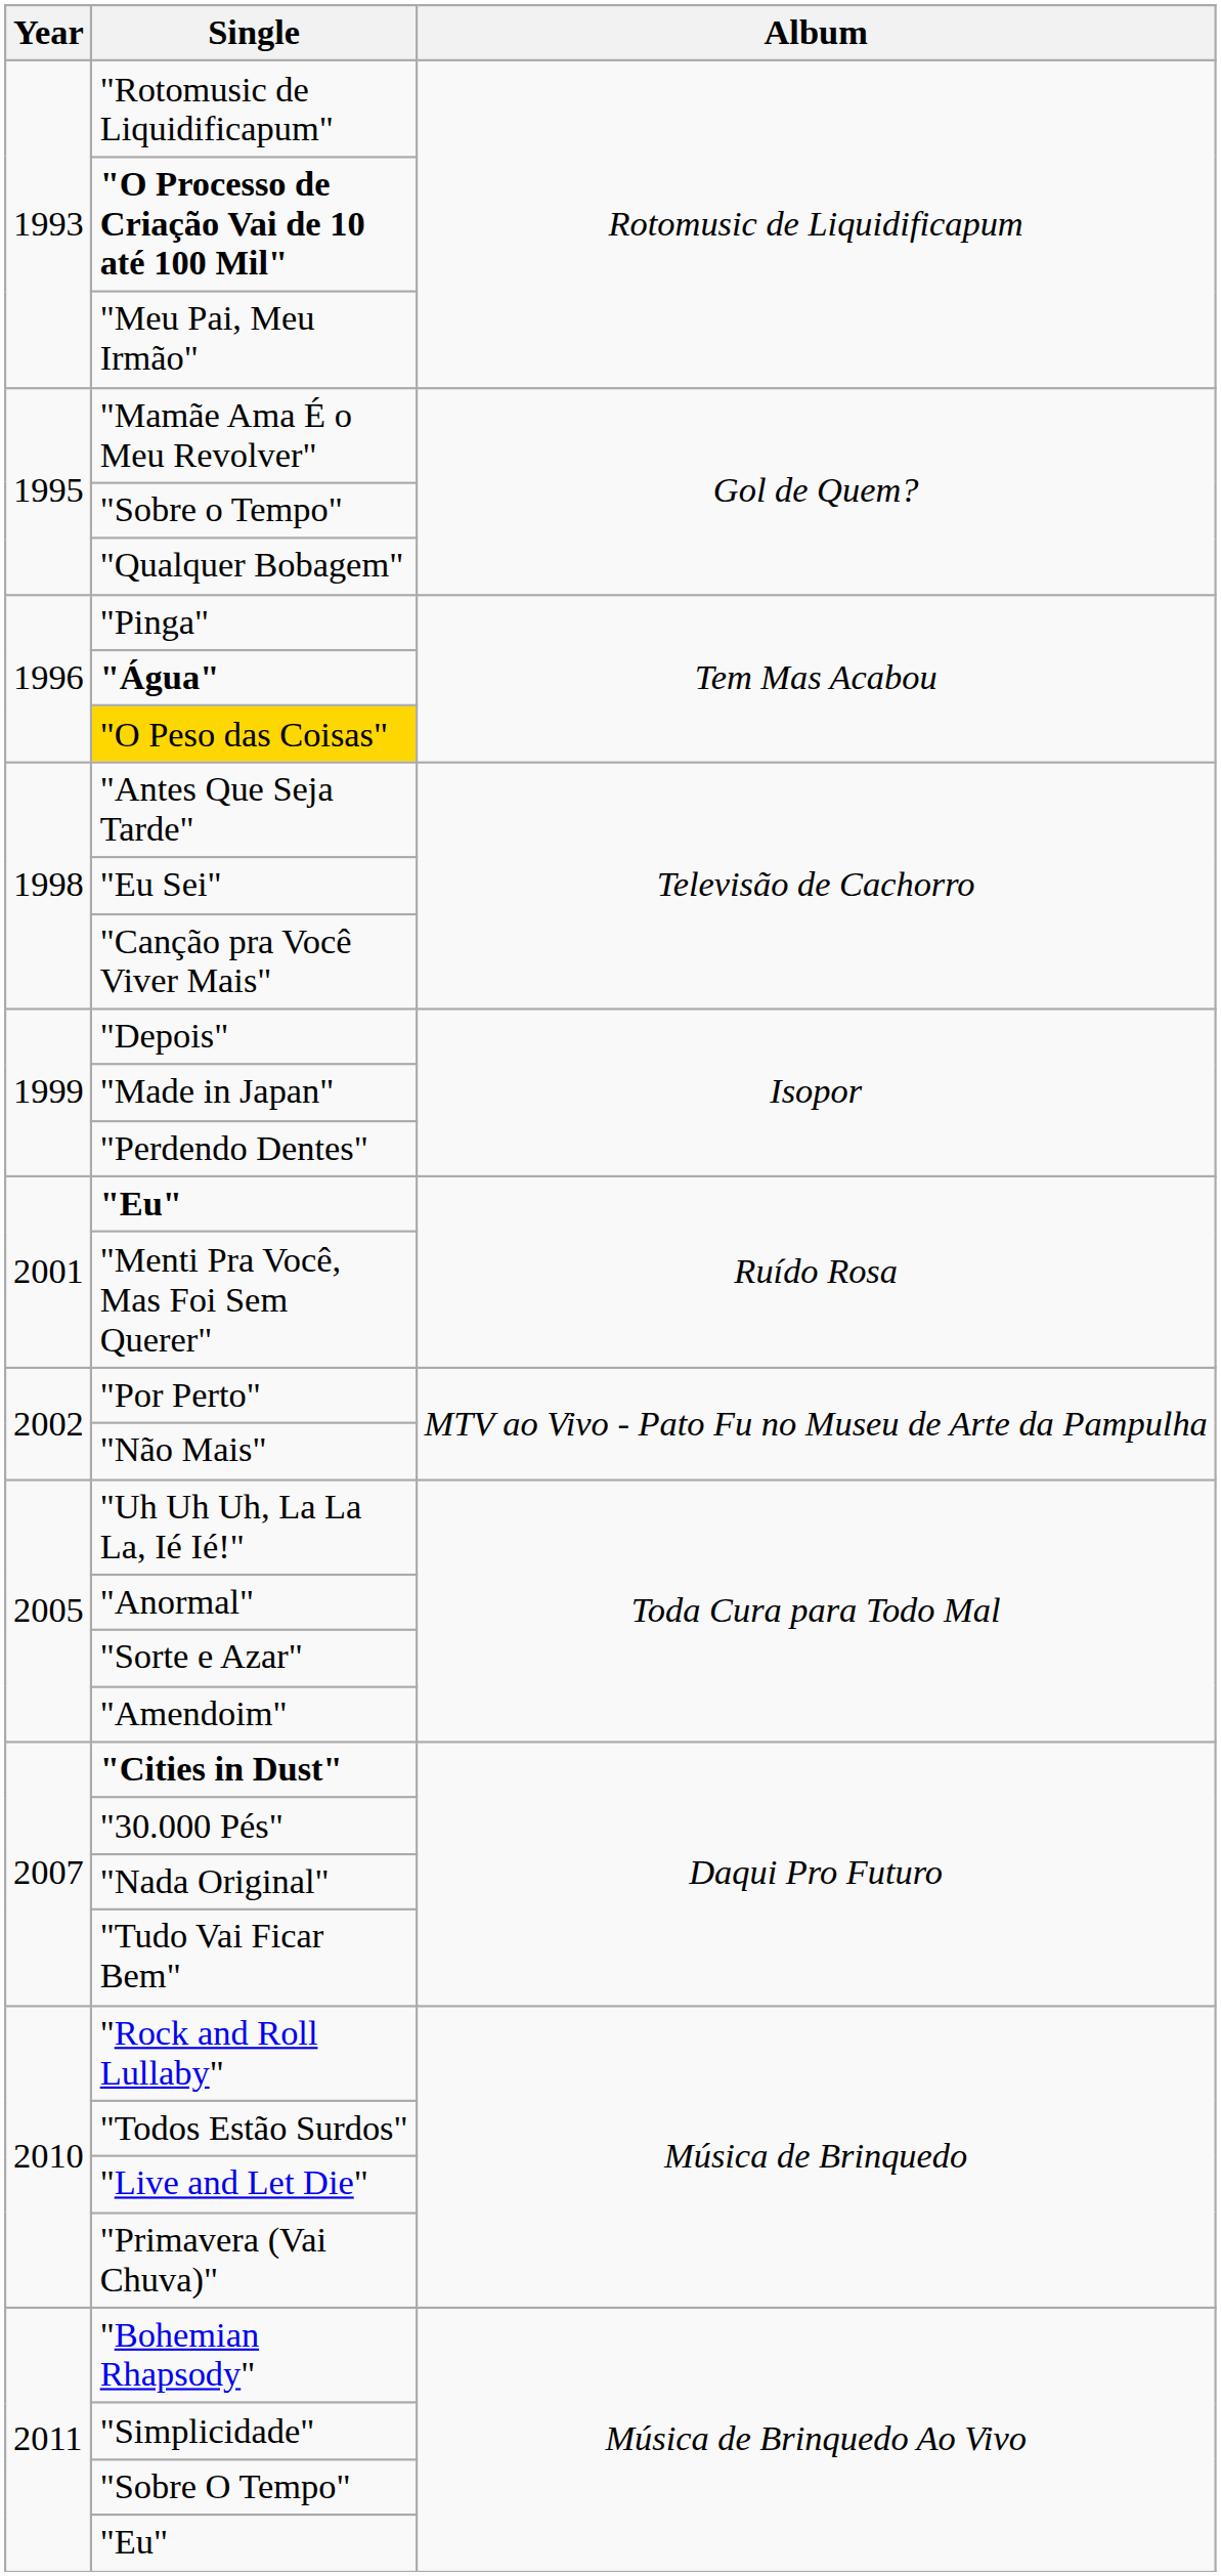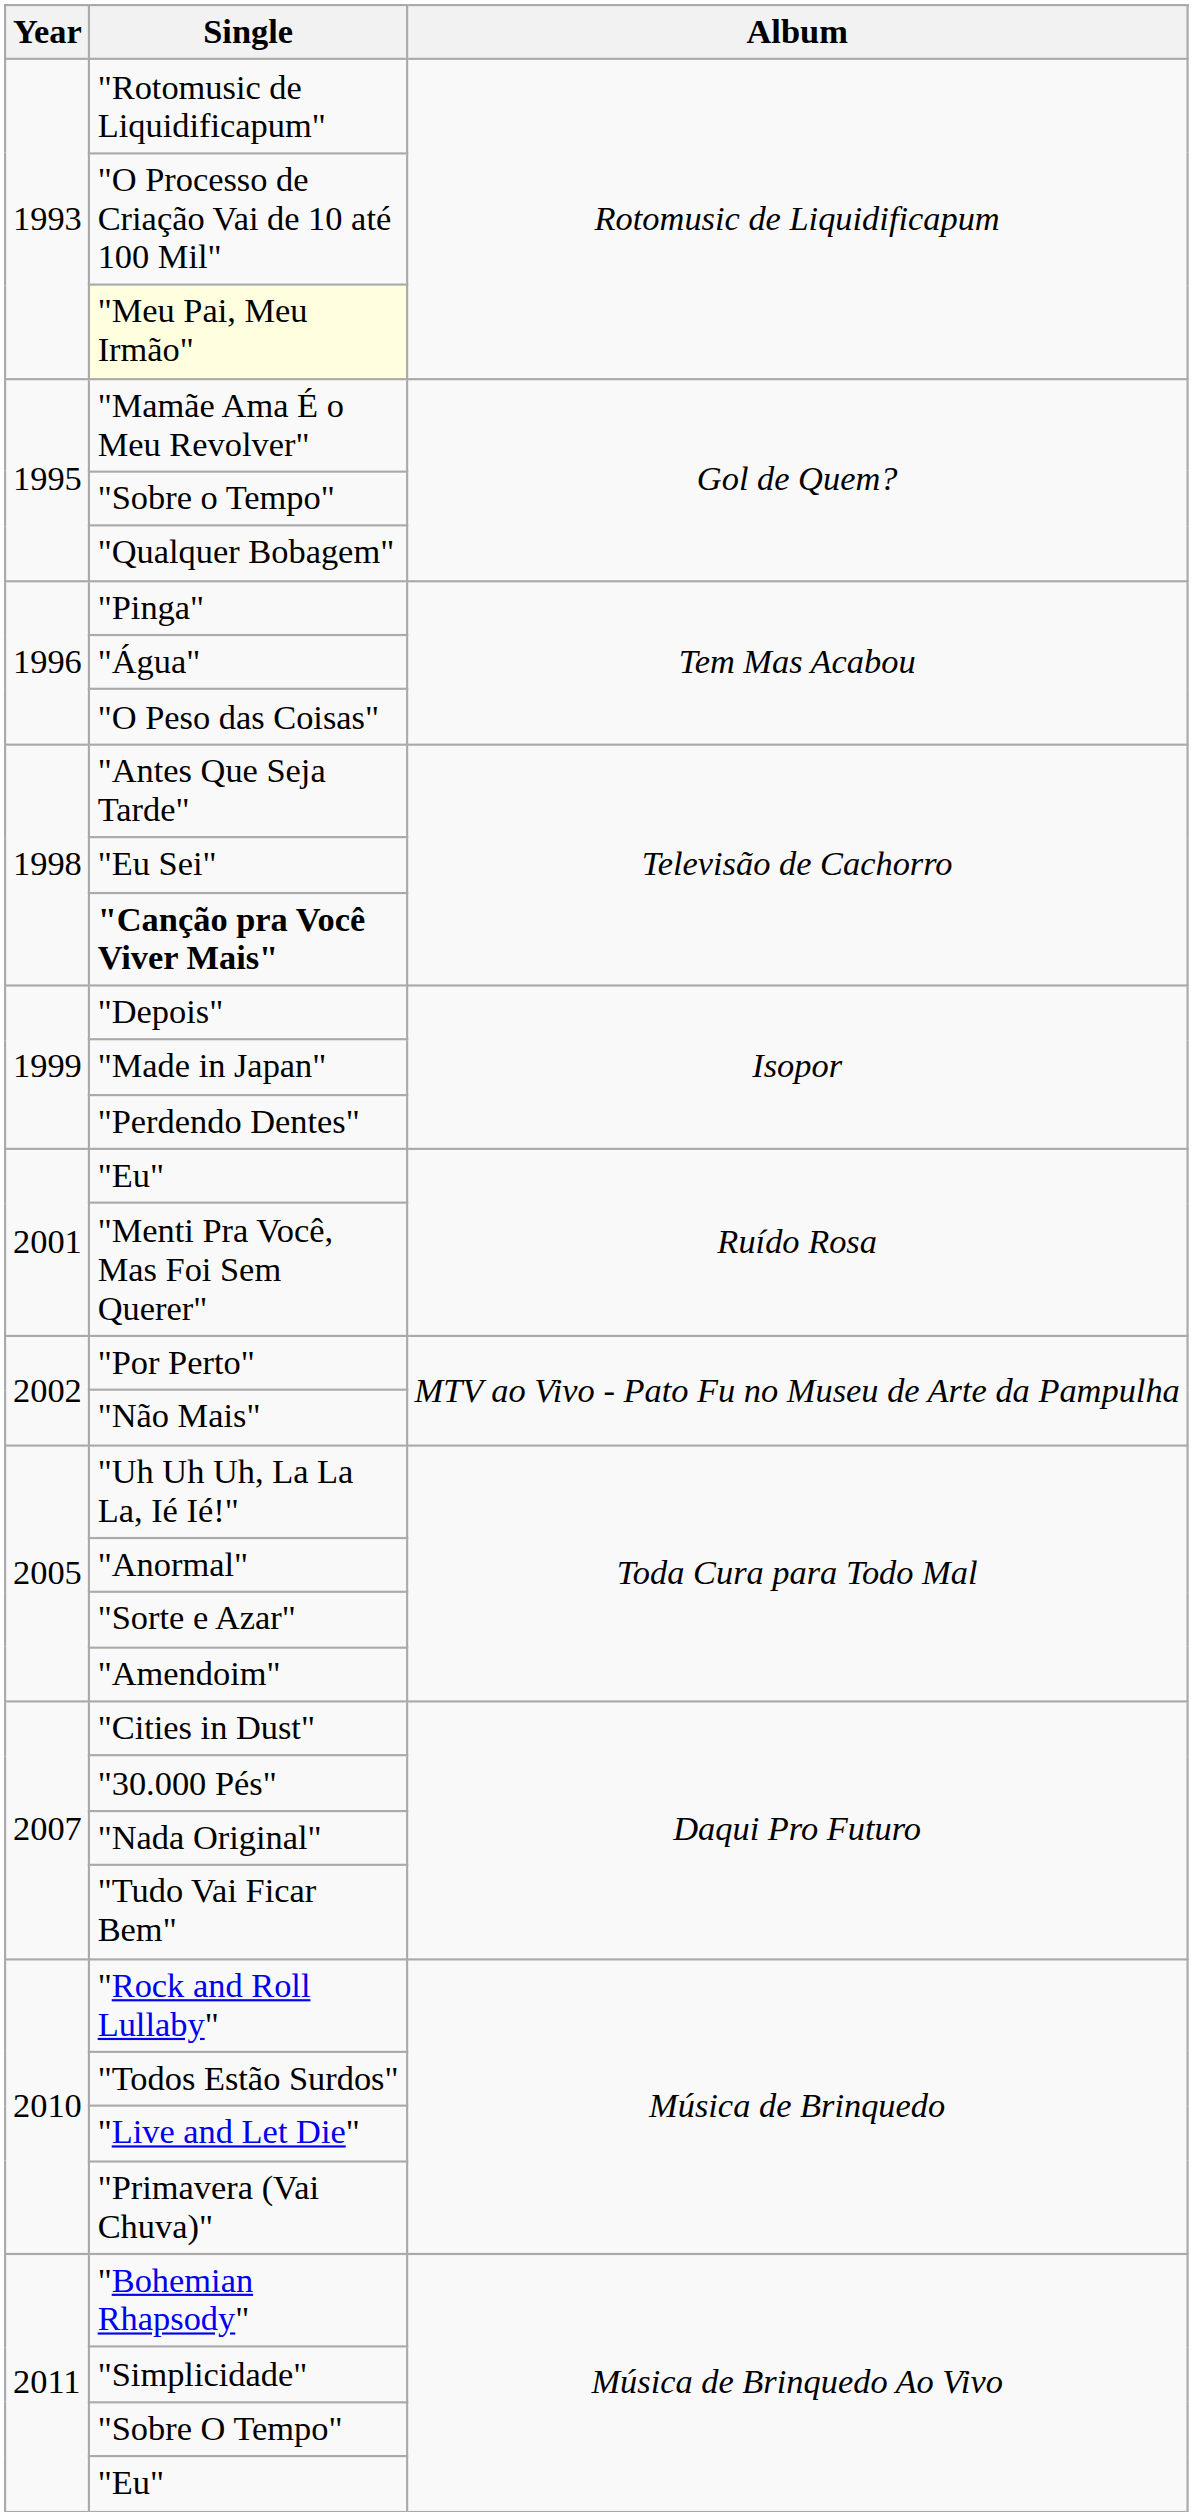 <table class="wikitable" border="1">
 <tr>
 <th>Year</th>
 <th width="140">Single</th>
 <th>Album</th>
 </tr>
 <tr>
 <td rowspan="3">1993</td>
 <td>"Rotomusic de Liquidificapum"</td>
 <td rowspan="3" align="center"><em>Rotomusic de Liquidificapum</em></td>
 </tr>
 <tr>
-<td><strong>"O Processo de Criação Vai de 10 até 100 Mil"</strong></td>
+<td>"O Processo de Criação Vai de 10 até 100 Mil"</td>
 </tr>
 <tr>
-<td>"Meu Pai, Meu Irmão"</td>
+<td style="background: lightyellow;">"Meu Pai, Meu Irmão"</td>
 </tr>
 <tr>
 <td rowspan="3">1995</td>
 <td>"Mamãe Ama É o Meu Revolver"</td>
 <td rowspan="3" align="center"><em>Gol de Quem?</em></td>
 </tr>
 <tr>
 <td>"Sobre o Tempo"</td>
 </tr>
 <tr>
 <td>"Qualquer Bobagem"</td>
 </tr>
 <tr>
 <td rowspan="3">1996</td>
 <td>"Pinga"</td>
 <td rowspan="3" align="center"><em>Tem Mas Acabou</em></td>
 </tr>
 <tr>
-<td><strong>"Água"</strong></td>
+<td>"Água"</td>
 </tr>
 <tr>
-<td style="background: gold;">"O Peso das Coisas"</td>
+<td>"O Peso das Coisas"</td>
 </tr>
 <tr>
 <td rowspan="3">1998</td>
 <td>"Antes Que Seja Tarde"</td>
 <td rowspan="3" align="center"><em>Televisão de Cachorro</em></td>
 </tr>
 <tr>
 <td>"Eu Sei"</td>
 </tr>
 <tr>
-<td>"Canção pra Você Viver Mais"</td>
+<td><strong>"Canção pra Você Viver Mais"</strong></td>
 </tr>
 <tr>
 <td rowspan="3">1999</td>
 <td>"Depois"</td>
 <td rowspan="3" align="center"><em>Isopor</em></td>
 </tr>
 <tr>
 <td>"Made in Japan"</td>
 </tr>
 <tr>
 <td>"Perdendo Dentes"</td>
 </tr>
 <tr>
 <td rowspan="2">2001</td>
-<td><strong>"Eu"</strong></td>
+<td>"Eu"</td>
 <td rowspan="2" align="center"><em>Ruído Rosa</em></td>
 </tr>
 <tr>
 <td>"Menti Pra Você, Mas Foi Sem Querer"</td>
 </tr>
 <tr>
 <td rowspan="2">2002</td>
 <td>"Por Perto"</td>
 <td rowspan="2" align="center"><em>MTV ao Vivo - Pato Fu no Museu de Arte da Pampulha</em></td>
 </tr>
 <tr>
 <td>"Não Mais"</td>
 </tr>
 <tr>
 <td rowspan="4">2005</td>
 <td>"Uh Uh Uh, La La La, Ié Ié!"</td>
 <td rowspan="4" align="center"><em>Toda Cura para Todo Mal</em></td>
 </tr>
 <tr>
 <td>"Anormal"</td>
 </tr>
 <tr>
 <td>"Sorte e Azar"</td>
 </tr>
 <tr>
 <td>"Amendoim"</td>
 </tr>
 <tr>
 <td rowspan="4">2007</td>
-<td><strong>"Cities in Dust"</strong></td>
+<td>"Cities in Dust"</td>
 <td rowspan="4" align="center"><em>Daqui Pro Futuro</em></td>
 </tr>
 <tr>
 <td>"30.000 Pés"</td>
 </tr>
 <tr>
 <td>"Nada Original"</td>
 </tr>
 <tr>
 <td>"Tudo Vai Ficar Bem"</td>
 </tr>
 <tr>
 <td rowspan="4">2010</td>
 <td>"<a href='#'>Rock and Roll Lullaby</a>"</td>
 <td rowspan="4" align="center"><em>Música de Brinquedo</em></td>
 </tr>
 <tr>
 <td>"Todos Estão Surdos"</td>
 </tr>
 <tr>
 <td>"<a href='#'>Live and Let Die</a>"</td>
 </tr>
 <tr>
 <td>"Primavera (Vai Chuva)"</td>
 </tr>
 <tr>
 <td rowspan="4">2011</td>
 <td>"<a href='#'>Bohemian Rhapsody</a>"</td>
 <td rowspan="4" align="center"><em>Música de Brinquedo Ao Vivo</em></td>
 </tr>
 <tr>
 <td>"Simplicidade"</td>
 </tr>
 <tr>
 <td>"Sobre O Tempo"</td>
 </tr>
 <tr>
 <td>"Eu"</td>
 </tr>
 </table>
